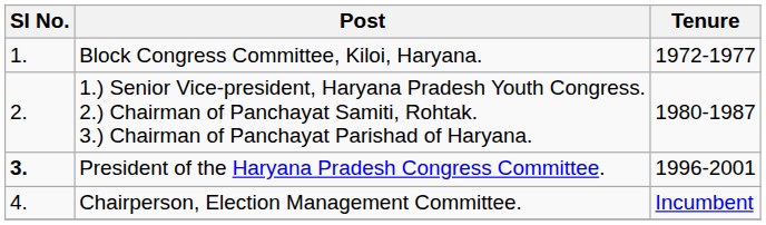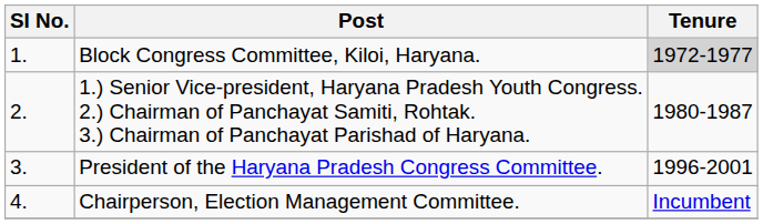 <table class ="wikitable">
 <tr>
 <th>SI No.</th>
 <th>Post</th>
 <th>Tenure</th>
 </tr>
 <tr>
 <td>1.</td>
 <td>Block Congress Committee, Kiloi, Haryana.</td>
-<td>1972-1977</td>
+<td style="background: lightgrey;">1972-1977</td>
 </tr>
 <tr>
 <td>2.</td>
 <td>1.) Senior Vice-president, Haryana Pradesh Youth Congress. <br>2.) Chairman of Panchayat Samiti, Rohtak.<br>3.) Chairman of Panchayat Parishad of Haryana.</td>
 <td>1980-1987</td>
 </tr>
 <tr>
-<td><strong>3.</strong></td>
+<td>3.</td>
 <td>President of the <a href='#'>Haryana Pradesh Congress Committee</a>.</td>
 <td>1996-2001</td>
 </tr>
 <tr>
 <td>4.</td>
 <td>Chairperson, Election Management Committee.</td>
 <td><a href='#'>Incumbent</a></td>
 </tr>
 <tr>
 </tr>
 </table>
